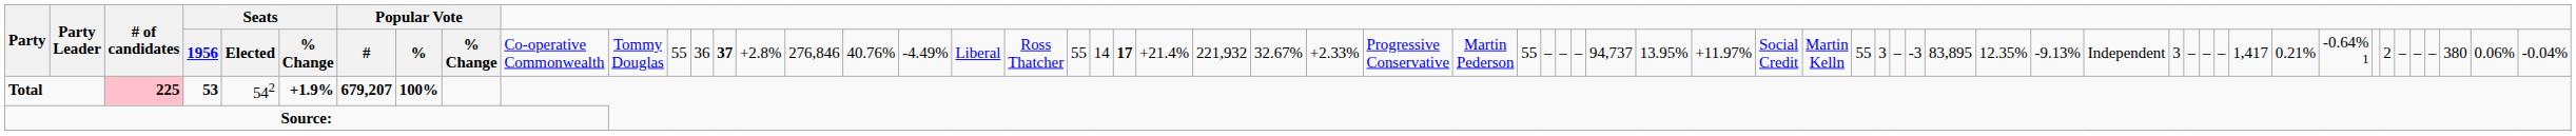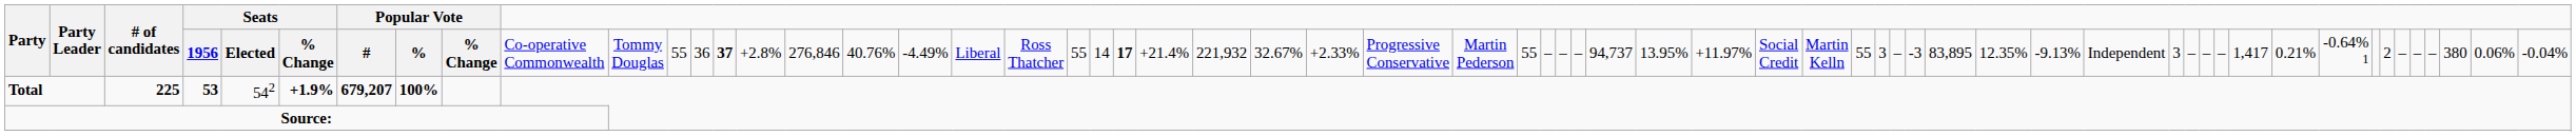 <table class="wikitable">
 <tr>
 <th rowspan=2 colspan=2>Party</th>
 <th rowspan=2>Party Leader</th>
 <th rowspan=2># of<br>candidates</th>
 <th colspan=3>Seats</th>
 <th colspan=3>Popular Vote</th>
 </tr>
 <tr>
 <th><a href='#'>1956</a></th>
 <th>Elected</th>
 <th>% Change</th>
 <th>#</th>
 <th>%</th>
 <th>% Change<br></th>
 <td><a href='#'>Co-operative Commonwealth</a></td>
 <td align="center"><a href='#'>Tommy Douglas</a></td>
 <td align="right">55</td>
 <td align="right">36</td>
 <td align="right"><strong>37</strong></td>
 <td align="right">+2.8%</td>
 <td align="right">276,846</td>
 <td align="right">40.76%</td>
 <td align="right">-4.49%<br></td>
 <td><a href='#'>Liberal</a></td>
 <td align="center"><a href='#'>Ross Thatcher</a></td>
 <td align="right">55</td>
 <td align="right">14</td>
 <td align="right"><strong>17</strong></td>
 <td align="right">+21.4%</td>
 <td align="right">221,932</td>
 <td align="right">32.67%</td>
 <td align="right">+2.33%<br></td>
 <td><a href='#'>Progressive Conservative</a></td>
 <td align="center"><a href='#'>Martin Pederson</a></td>
 <td align="right">55</td>
 <td align="right">–</td>
 <td align="right">–</td>
 <td align="right">–</td>
 <td align="right">94,737</td>
 <td align="right">13.95%</td>
 <td align="right">+11.97%<br></td>
 <td><a href='#'>Social Credit</a></td>
 <td align="center"><a href='#'>Martin Kelln</a></td>
 <td align="right">55</td>
 <td align="right">3</td>
 <td align="right">–</td>
 <td align="right">-3</td>
 <td align="right">83,895</td>
 <td align="right">12.35%</td>
 <td align="right">-9.13%<br></td>
 <td colspan=2>Independent</td>
 <td align="right">3</td>
 <td align="right">–</td>
 <td align="right">–</td>
 <td align="right">–</td>
 <td align="right">1,417</td>
 <td align="right">0.21%</td>
 <td align="right">-0.64%<br><sup>1</sup></td>
 <td align="center"></td>
 <td align="right">2</td>
 <td align="right">–</td>
 <td align="right">–</td>
 <td align="right">–</td>
 <td align="right">380</td>
 <td align="right">0.06%</td>
 <td align="right">-0.04%</td>
 </tr>
 <tr>
 <td colspan=3><strong>Total</strong></td>
-<td align="right" style="background: pink;"><strong>225</strong></td>
+<td align="right"><strong>225</strong></td>
 <td align="right"><strong>53</strong></td>
 <td align="right">54<sup>2</sup></td>
 <td align="right"><strong>+1.9%</strong></td>
 <td align="right"><strong>679,207</strong></td>
 <td align="right"><strong>100%</strong></td>
 <td align="right"> </td>
 </tr>
 <tr>
 <td align="center" colspan=11><strong>Source:</strong> </td>
 </tr>
 <tr>
 </tr>
 </table>
